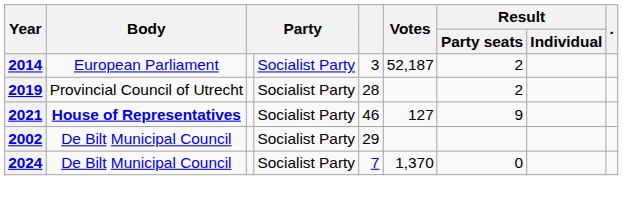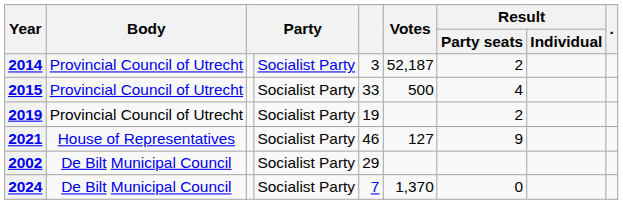 <table class="wikitable plainrowheaders sortable" border=2 cellpadding=4 cellspacing=0 style="border: 1px #aaa solid; font-size: 90%; text-align:center;">
 <tr>
 <th scope="col" rowspan=2>Year</th>
 <th scope="col" rowspan=2>Body</th>
 <th scope="col" colspan=2 rowspan=2>Party</th>
 <th scope="col" rowspan=2></th>
 <th scope="col" rowspan=2>Votes</th>
 <th scope="colgroup" colspan=2>Result</th>
 <th scope="col" rowspan=2>.</th>
 </tr>
 <tr>
 <th scope="col">Party seats</th>
 <th scope="col">Individual</th>
 </tr>
 <tr>
 <th scope="row"><a href='#'>2014</a></th>
-<td><a href='#'>European Parliament</a></td>
+<td><a href='#'>Provincial Council of Utrecht</a></td>
 <td style="background-color:"></td>
 <td><a href='#'>Socialist Party</a></td>
 <td style=text-align:right>3</td>
 <td style=text-align:right>52,187</td>
 <td style=text-align:right>2</td>
 <td></td>
 <td></td>
 </tr>
 <tr>
+<th scope="row"><a href='#'>2015</a></th>
+<td><a href='#'>Provincial Council of Utrecht</a></td>
+<td style="background-color:"></td>
+<td>Socialist Party</td>
+<td style=text-align:right>33</td>
+<td style=text-align:right>500</td>
+<td style=text-align:right>4</td>
+<td></td>
+<td></td>
+</tr>
+<tr>
 <th scope="row"><a href='#'>2019</a></th>
 <td>Provincial Council of Utrecht</td>
 <td style="background-color:"></td>
 <td>Socialist Party</td>
-<td style=text-align:right>28</td>
+<td style=text-align:right>19</td>
 <td style=text-align:right></td>
 <td style=text-align:right>2</td>
 <td></td>
 <td></td>
 </tr>
 <tr>
 <th scope="row"><a href='#'>2021</a></th>
-<td><strong><a href='#'>House of Representatives</a></strong></td>
+<td><a href='#'>House of Representatives</a></td>
 <td style="background-color:"></td>
 <td>Socialist Party</td>
 <td style=text-align:right>46</td>
 <td style=text-align:right>127</td>
 <td style=text-align:right>9</td>
 <td></td>
 <td></td>
 </tr>
 <tr>
 <th scope="row"><a href='#'>2002</a></th>
 <td><a href='#'>De Bilt</a> <a href='#'>Municipal Council</a></td>
 <td style="background-color:"></td>
 <td>Socialist Party</td>
 <td style=text-align:right>29</td>
 <td style=text-align:right></td>
 <td style=text-align:right></td>
 <td></td>
 <td></td>
 </tr>
 <tr>
 <th scope="row"><a href='#'>2024</a></th>
 <td><a href='#'>De Bilt</a> <a href='#'>Municipal Council</a></td>
 <td style="background-color:"></td>
 <td>Socialist Party</td>
 <td style=text-align:right><a href='#'>7</a></td>
 <td style=text-align:right>1,370</td>
 <td style=text-align:right>0</td>
 <td></td>
 <td></td>
 </tr>
 </table>
